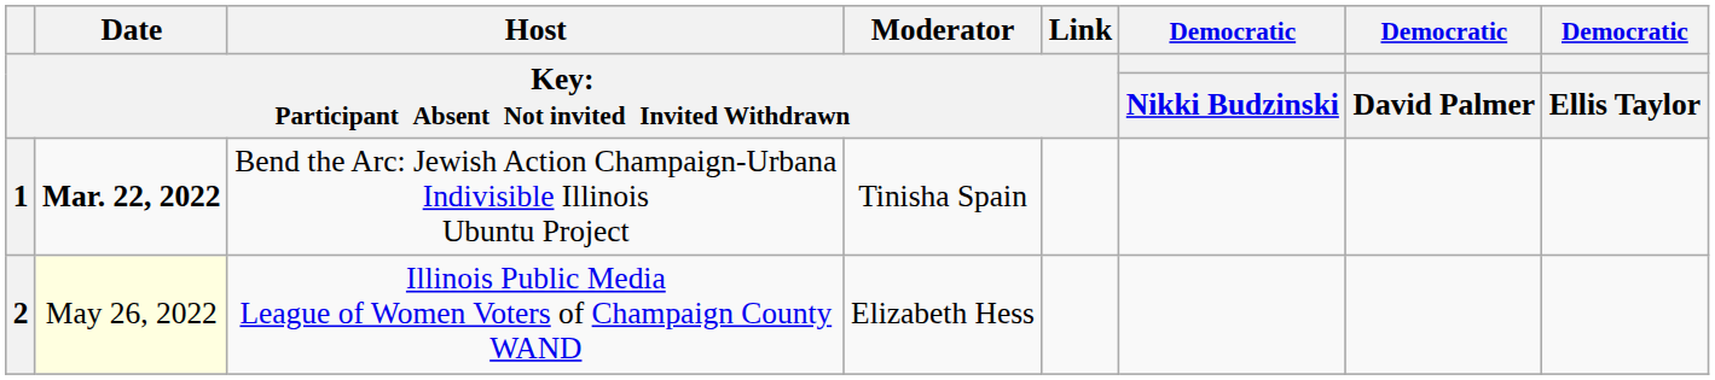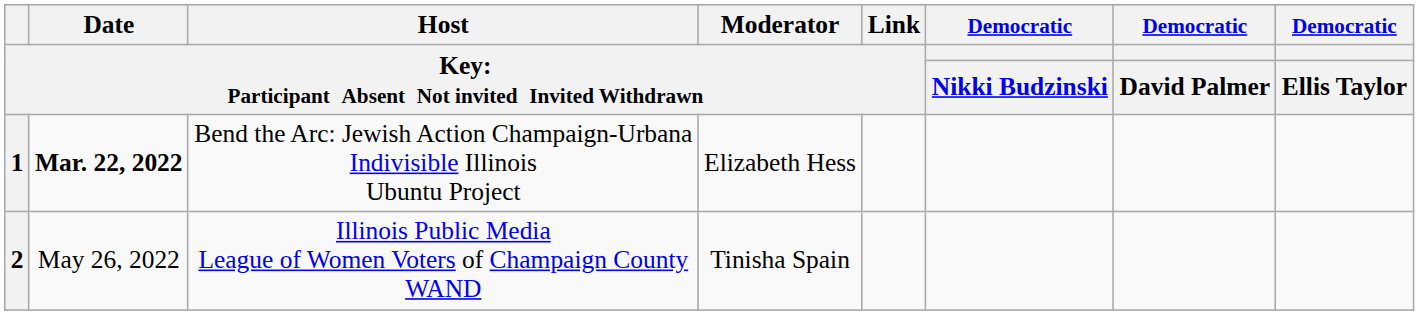 <table class="wikitable" style="text-align:center;">
 <tr>
 <th scope="col"></th>
 <th scope="col">Date</th>
 <th scope="col">Host</th>
 <th scope="col">Moderator</th>
 <th scope="col">Link</th>
 <th scope="col"><small><a href='#'>Democratic</a></small></th>
 <th scope="col"><small><a href='#'>Democratic</a></small></th>
 <th scope="col"><small><a href='#'>Democratic</a></small></th>
 </tr>
 <tr>
 <th colspan="5" rowspan="2">Key:<br> <small>Participant </small>  <small>Absent </small>  <small>Not invited </small>  <small>Invited  Withdrawn</small></th>
 <th scope="col" style="background:"></th>
 <th scope="col" style="background:"></th>
 <th scope="col" style="background:"></th>
 </tr>
 <tr>
 <th scope="col"><a href='#'>Nikki Budzinski</a></th>
 <th scope="col">David Palmer</th>
 <th scope="col">Ellis Taylor</th>
 </tr>
 <tr>
 <th>1</th>
 <td style="white-space:nowrap;"><strong>Mar. 22, 2022</strong></td>
 <td style="white-space:nowrap;">Bend the Arc: Jewish Action Champaign-Urbana<br><a href='#'>Indivisible</a> Illinois<br>Ubuntu Project</td>
-<td style="white-space:nowrap;">Tinisha Spain</td>
+<td style="white-space:nowrap;">Elizabeth Hess</td>
 <td style="white-space:nowrap;"></td>
 <td></td>
 <td></td>
 <td></td>
 </tr>
 <tr>
 <th>2</th>
-<td style="background: lightyellow; white-space:nowrap;">May 26, 2022</td>
+<td style="white-space:nowrap;">May 26, 2022</td>
 <td style="white-space:nowrap;"><a href='#'>Illinois Public Media</a><br><a href='#'>League of Women Voters</a> of <a href='#'>Champaign County</a><br><a href='#'>WAND</a></td>
-<td style="white-space:nowrap;">Elizabeth Hess</td>
+<td style="white-space:nowrap;">Tinisha Spain</td>
 <td style="white-space:nowrap;"></td>
 <td></td>
 <td></td>
 <td></td>
 </tr>
 </table>
